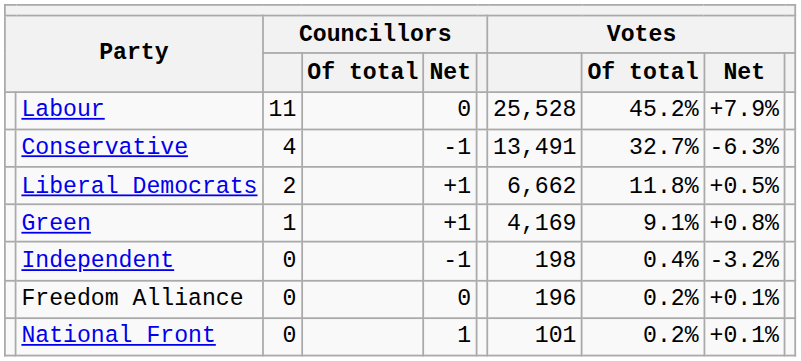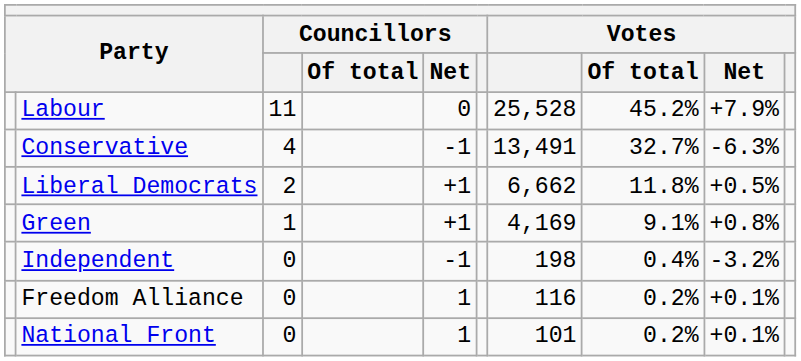 <table class="wikitable sortable" style="text-align:center;">
 <tr>
 <th colspan="10"></th>
 </tr>
 <tr>
 <th colspan="2" rowspan="2">Party</th>
 <th colspan="4">Councillors</th>
 <th colspan="4">Votes</th>
 </tr>
 <tr>
 <th></th>
 <th>Of total</th>
 <th>Net</th>
 <th class="unsortable"></th>
 <th></th>
 <th>Of total</th>
 <th>Net</th>
 <th class="unsortable"></th>
 </tr>
 <tr>
 <td style="background:"></td>
 <td style="text-align:left;"><a href='#'>Labour</a></td>
 <td style="text-align:right;">11</td>
 <td style="text-align:right;"></td>
 <td style="text-align:right;">0</td>
 <td data-sort-value=""></td>
 <td style="text-align:right;">25,528</td>
 <td style="text-align:right;">45.2%</td>
 <td style="text-align:right;">+7.9%</td>
 <td></td>
 </tr>
 <tr>
 <td style="background:"></td>
 <td style="text-align:left;"><a href='#'>Conservative</a></td>
 <td style="text-align:right;">4</td>
 <td style="text-align:right;"></td>
 <td style="text-align:right;">-1</td>
 <td data-sort-value=""></td>
 <td style="text-align:right;">13,491</td>
 <td style="text-align:right;">32.7%</td>
 <td style="text-align:right;">-6.3%</td>
 <td></td>
 </tr>
 <tr>
 <td style="background:"></td>
 <td style="text-align:left;"><a href='#'>Liberal Democrats</a></td>
 <td style="text-align:right;">2</td>
 <td style="text-align:right;"></td>
 <td style="text-align:right;">+1</td>
 <td data-sort-value=""></td>
 <td style="text-align:right;">6,662</td>
 <td style="text-align:right;">11.8%</td>
 <td style="text-align:right;">+0.5%</td>
 <td></td>
 </tr>
 <tr>
 <td style="background:"></td>
 <td style="text-align:left;"><a href='#'>Green</a></td>
 <td style="text-align:right;">1</td>
 <td style="text-align:right;"></td>
 <td style="text-align:right;">+1</td>
 <td data-sort-value=""></td>
 <td style="text-align:right;">4,169</td>
 <td style="text-align:right;">9.1%</td>
 <td style="text-align:right;">+0.8%</td>
 <td></td>
 </tr>
 <tr>
 <td style="background:"></td>
 <td style="text-align:left;"><a href='#'>Independent</a></td>
 <td style="text-align:right;">0</td>
 <td style="text-align:right;"></td>
 <td style="text-align:right;">-1</td>
 <td data-sort-value=""></td>
 <td style="text-align:right;">198</td>
 <td style="text-align:right;">0.4%</td>
 <td style="text-align:right;">-3.2%</td>
 <td></td>
 </tr>
 <tr>
 <td style="background:"></td>
 <td style="text-align:left;">Freedom Alliance</td>
 <td style="text-align:right;">0</td>
 <td style="text-align:right;"></td>
-<td style="text-align:right;">0</td>
+<td style="text-align:right;">1</td>
 <td data-sort-value=""></td>
-<td style="text-align:right;">196</td>
+<td style="text-align:right;">116</td>
 <td style="text-align:right;">0.2%</td>
 <td style="text-align:right;">+0.1%</td>
 <td></td>
 </tr>
 <tr>
 <td style="background:"></td>
 <td style="text-align:left;"><a href='#'>National Front</a></td>
 <td style="text-align:right;">0</td>
 <td style="text-align:right;"></td>
 <td style="text-align:right;">1</td>
 <td data-sort-value=""></td>
 <td style="text-align:right;">101</td>
 <td style="text-align:right;">0.2%</td>
 <td style="text-align:right;">+0.1%</td>
 <td></td>
 </tr>
 </table>
